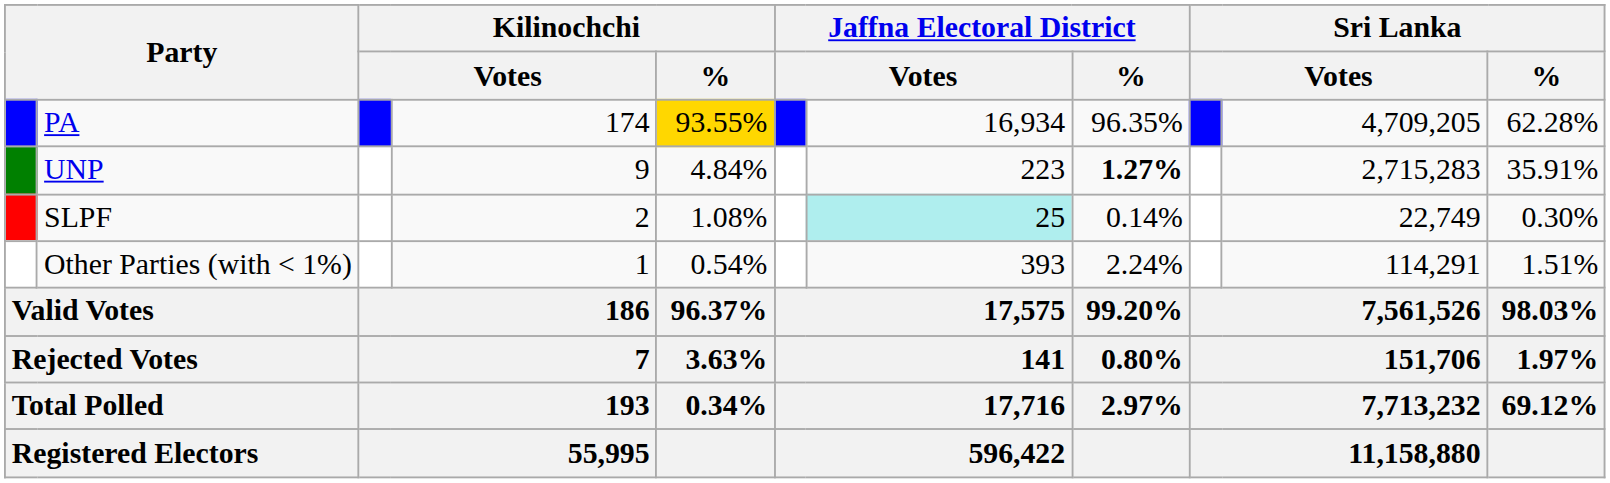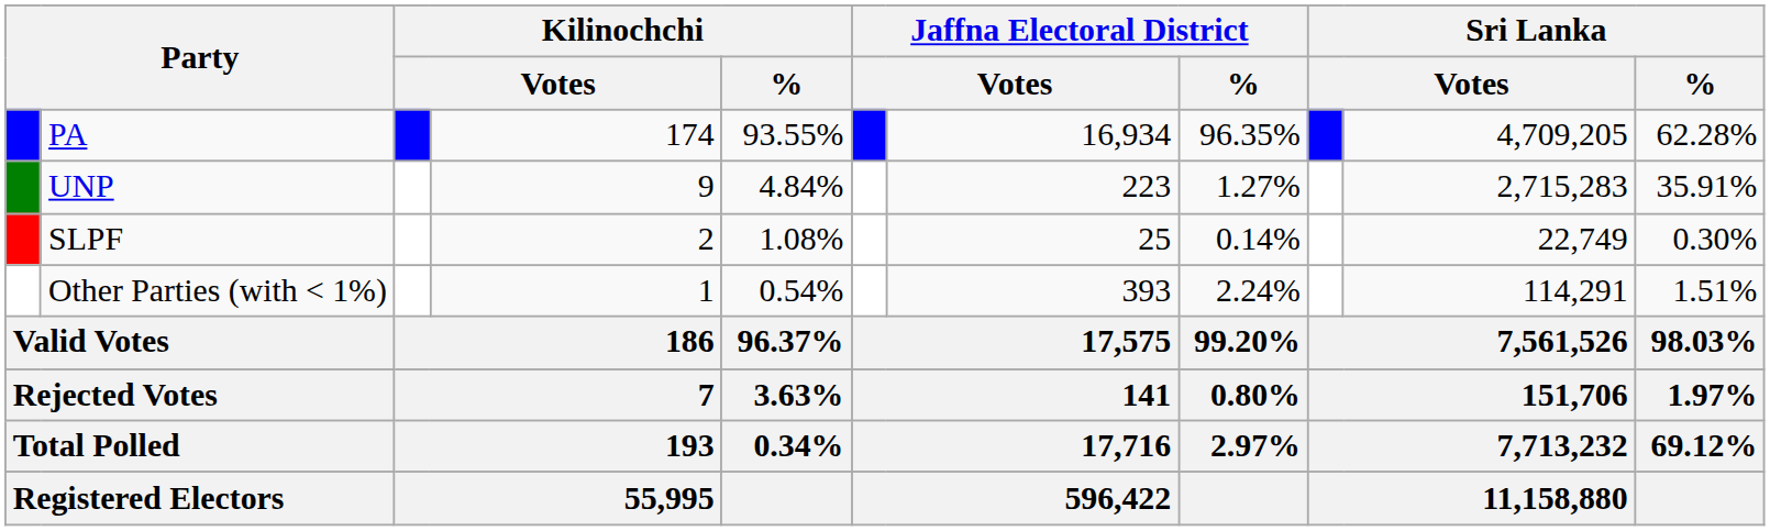 <table class="wikitable">
 <tr>
 <th colspan="2" width="144px"rowspan="2">Party</th>
 <th colspan="3" width="216px">Kilinochchi</th>
 <th colspan="3" width="216px"><a href='#'>Jaffna Electoral District</a></th>
 <th colspan="3" width="216px">Sri Lanka</th>
 </tr>
 <tr>
 <th colspan="2" width="144px">Votes</th>
 <th>%</th>
 <th colspan="2" width="144px">Votes</th>
 <th>%</th>
 <th colspan="2" width="144px">Votes</th>
 <th>%</th>
 </tr>
 <tr>
 <td style="background-color:blue;" width="10px"></td>
 <td style="text-align:left;"><a href='#'>PA</a></td>
 <td style="background-color:blue;" width="10px"></td>
 <td style="text-align:right;">174</td>
-<td style="background: gold; text-align:right;">93.55%</td>
+<td style="text-align:right;">93.55%</td>
 <td style="background-color:blue;" width="10px"></td>
 <td style="text-align:right;">16,934</td>
 <td style="text-align:right;">96.35%</td>
 <td style="background-color:blue;" width="10px"></td>
 <td style="text-align:right;">4,709,205</td>
 <td style="text-align:right;">62.28%</td>
 </tr>
 <tr>
 <td style="background-color:green;" width="10px"></td>
 <td style="text-align:left;"><a href='#'>UNP</a></td>
 <td style="background-color:white;" width="10px"></td>
 <td style="text-align:right;">9</td>
 <td style="text-align:right;">4.84%</td>
 <td style="background-color:white;" width="10px"></td>
 <td style="text-align:right;">223</td>
-<td style="text-align:right;"><strong>1.27%</strong></td>
+<td style="text-align:right;">1.27%</td>
 <td style="background-color:white;" width="10px"></td>
 <td style="text-align:right;">2,715,283</td>
 <td style="text-align:right;">35.91%</td>
 </tr>
 <tr>
 <td style="background-color:red;" width="10px"></td>
 <td style="text-align:left;">SLPF</td>
 <td style="background-color:white;" width="10px"></td>
 <td style="text-align:right;">2</td>
 <td style="text-align:right;">1.08%</td>
 <td style="background-color:white;" width="10px"></td>
-<td style="background: paleturquoise; text-align:right;">25</td>
+<td style="text-align:right;">25</td>
 <td style="text-align:right;">0.14%</td>
 <td style="background-color:white;" width="10px"></td>
 <td style="text-align:right;">22,749</td>
 <td style="text-align:right;">0.30%</td>
 </tr>
 <tr>
 <td style="background-color:white;" width="10px"></td>
 <td style="text-align:left;">Other Parties (with < 1%)</td>
 <td style="background-color:white;" width="10px"></td>
 <td style="text-align:right;">1</td>
 <td style="text-align:right;">0.54%</td>
 <td style="background-color:white;" width="10px"></td>
 <td style="text-align:right;">393</td>
 <td style="text-align:right;">2.24%</td>
 <td style="background-color:white;" width="10px"></td>
 <td style="text-align:right;">114,291</td>
 <td style="text-align:right;">1.51%</td>
 </tr>
 <tr>
 <th colspan="2" width="144px"style="text-align:left;">Valid Votes</th>
 <th style="text-align:right;"colspan="2" width="144px">186</th>
 <th style="text-align:right;">96.37%</th>
 <th style="text-align:right;"colspan="2" width="144px">17,575</th>
 <th style="text-align:right;">99.20%</th>
 <th style="text-align:right;"colspan="2" width="144px">7,561,526</th>
 <th style="text-align:right;">98.03%</th>
 </tr>
 <tr>
 <th colspan="2" width="144px"style="text-align:left;">Rejected Votes</th>
 <th style="text-align:right;"colspan="2" width="144px">7</th>
 <th style="text-align:right;">3.63%</th>
 <th style="text-align:right;"colspan="2" width="144px">141</th>
 <th style="text-align:right;">0.80%</th>
 <th style="text-align:right;"colspan="2" width="144px">151,706</th>
 <th style="text-align:right;">1.97%</th>
 </tr>
 <tr>
 <th colspan="2" width="144px"style="text-align:left;">Total Polled</th>
 <th style="text-align:right;"colspan="2" width="144px">193</th>
 <th style="text-align:right;">0.34%</th>
 <th style="text-align:right;"colspan="2" width="144px">17,716</th>
 <th style="text-align:right;">2.97%</th>
 <th style="text-align:right;"colspan="2" width="144px">7,713,232</th>
 <th style="text-align:right;">69.12%</th>
 </tr>
 <tr>
 <th colspan="2" width="144px"style="text-align:left;">Registered Electors</th>
 <th style="text-align:right;"colspan="2" width="144px">55,995</th>
 <th></th>
 <th style="text-align:right;"colspan="2" width="144px">596,422</th>
 <th></th>
 <th style="text-align:right;"colspan="2" width="144px">11,158,880</th>
 <th></th>
 </tr>
 </table>
